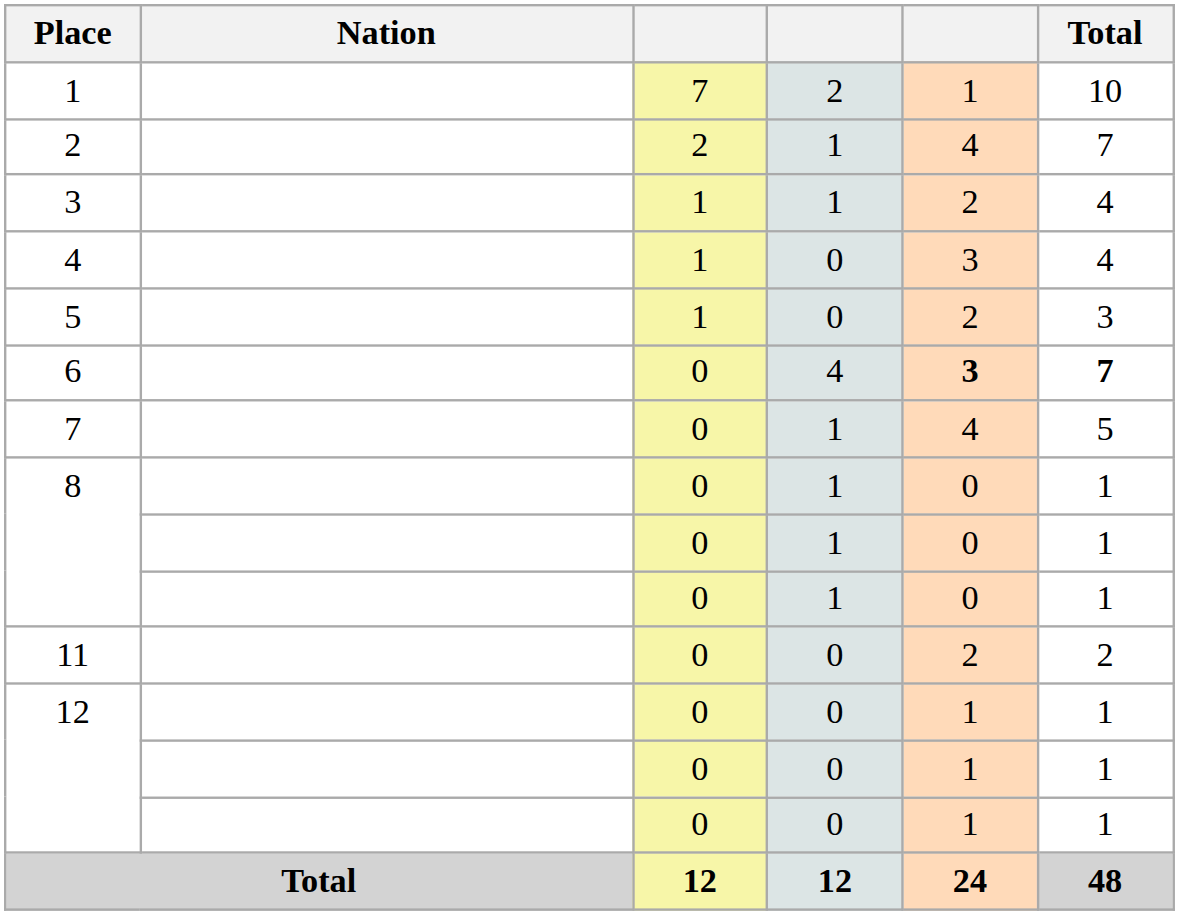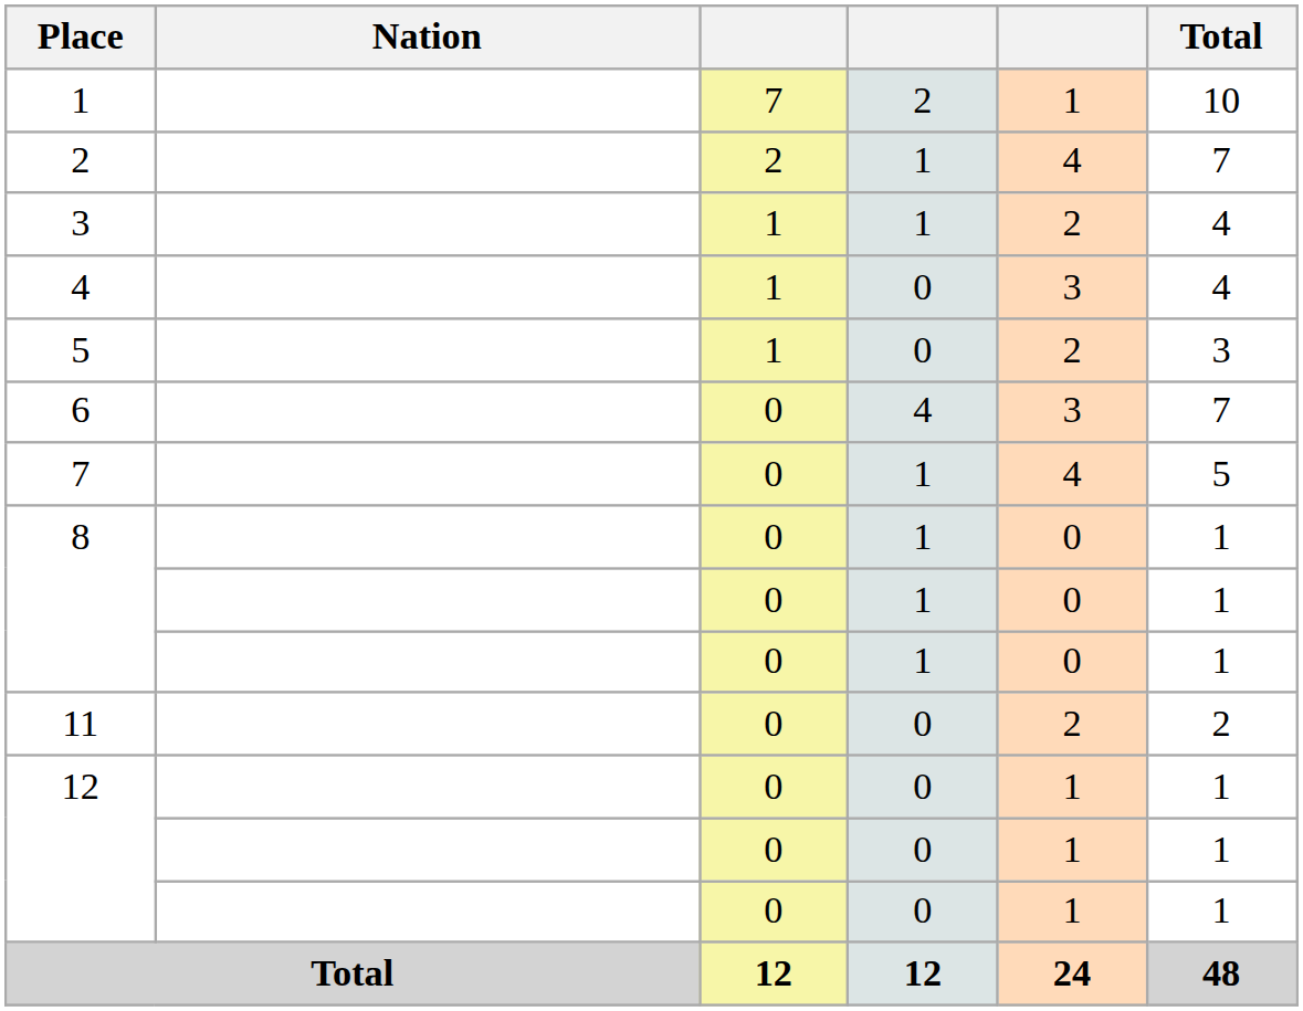 <table class=wikitable style="border:1px solid #AAAAAA;font-size:90%">
 <tr bgcolor="#EFEFEF">
 <th width=50>Place</th>
 <th width=200>Nation</th>
 <th width=50></th>
 <th width=50></th>
 <th width=50></th>
 <th width=50>Total</th>
 </tr>
 <tr align="center" valign="top" bgcolor="#FFFFFF">
 <td>1</td>
 <td align="left"></td>
 <td style="background:#F7F6A8;">7</td>
 <td style="background:#DCE5E5;">2</td>
 <td style="background:#FFDAB9;">1</td>
 <td>10</td>
 </tr>
 <tr align="center" valign="top" bgcolor="#FFFFFF">
 <td>2</td>
 <td align="left"></td>
 <td style="background:#F7F6A8;">2</td>
 <td style="background:#DCE5E5;">1</td>
 <td style="background:#FFDAB9;">4</td>
 <td>7</td>
 </tr>
 <tr align="center" valign="top" bgcolor="#FFFFFF">
 <td>3</td>
 <td align="left"></td>
 <td style="background:#F7F6A8;">1</td>
 <td style="background:#DCE5E5;">1</td>
 <td style="background:#FFDAB9;">2</td>
 <td>4</td>
 </tr>
 <tr align="center" valign="top" bgcolor="#FFFFFF">
 <td>4</td>
 <td align="left"></td>
 <td style="background:#F7F6A8;">1</td>
 <td style="background:#DCE5E5;">0</td>
 <td style="background:#FFDAB9;">3</td>
 <td>4</td>
 </tr>
 <tr align="center" valign="top" bgcolor="#FFFFFF">
 <td>5</td>
 <td align="left"></td>
 <td style="background:#F7F6A8;">1</td>
 <td style="background:#DCE5E5;">0</td>
 <td style="background:#FFDAB9;">2</td>
 <td>3</td>
 </tr>
 <tr align="center" valign="top" bgcolor="#FFFFFF">
 <td>6</td>
 <td align="left"></td>
 <td style="background:#F7F6A8;">0</td>
 <td style="background:#DCE5E5;">4</td>
-<td style="background:#FFDAB9;"><strong>3</strong></td>
-<td><strong>7</strong></td>
+<td style="background:#FFDAB9;">3</td>
+<td>7</td>
 </tr>
 <tr align="center" valign="top" bgcolor="#FFFFFF">
 <td>7</td>
 <td align="left"></td>
 <td style="background:#F7F6A8;">0</td>
 <td style="background:#DCE5E5;">1</td>
 <td style="background:#FFDAB9;">4</td>
 <td>5</td>
 </tr>
 <tr align="center" valign="top" bgcolor="#FFFFFF">
 <td rowspan=3 valign="center">8</td>
 <td align="left"></td>
 <td style="background:#F7F6A8;">0</td>
 <td style="background:#DCE5E5;">1</td>
 <td style="background:#FFDAB9;">0</td>
 <td>1</td>
 </tr>
 <tr align="center" valign="top" bgcolor="#FFFFFF">
 <td align="left"></td>
 <td style="background:#F7F6A8;">0</td>
 <td style="background:#DCE5E5;">1</td>
 <td style="background:#FFDAB9;">0</td>
 <td>1</td>
 </tr>
 <tr align="center" valign="top" bgcolor="#FFFFFF">
 <td align="left"></td>
 <td style="background:#F7F6A8;">0</td>
 <td style="background:#DCE5E5;">1</td>
 <td style="background:#FFDAB9;">0</td>
 <td>1</td>
 </tr>
 <tr align="center" valign="top" bgcolor="#FFFFFF">
 <td>11</td>
 <td align="left"></td>
 <td style="background:#F7F6A8;">0</td>
 <td style="background:#DCE5E5;">0</td>
 <td style="background:#FFDAB9;">2</td>
 <td>2</td>
 </tr>
 <tr align="center" valign="top" bgcolor="#FFFFFF">
 <td rowspan=3 valign="center">12</td>
 <td align="left"></td>
 <td style="background:#F7F6A8;">0</td>
 <td style="background:#DCE5E5;">0</td>
 <td style="background:#FFDAB9;">1</td>
 <td>1</td>
 </tr>
 <tr align="center" valign="top" bgcolor="#FFFFFF">
 <td align="left"></td>
 <td style="background:#F7F6A8;">0</td>
 <td style="background:#DCE5E5;">0</td>
 <td style="background:#FFDAB9;">1</td>
 <td>1</td>
 </tr>
 <tr align="center" valign="top" bgcolor="#FFFFFF">
 <td align="left"></td>
 <td style="background:#F7F6A8;">0</td>
 <td style="background:#DCE5E5;">0</td>
 <td style="background:#FFDAB9;">1</td>
 <td>1</td>
 </tr>
 <tr align="center">
 <td colspan=2 bgcolor=D3D3D3><strong>Total</strong></td>
 <td style="background:#F7F6A8;"><strong>12</strong></td>
 <td style="background:#DCE5E5;"><strong>12</strong></td>
 <td style="background:#FFDAB9;"><strong>24</strong></td>
 <td bgcolor=D3D3D3><strong>48</strong></td>
 </tr>
 </table>
